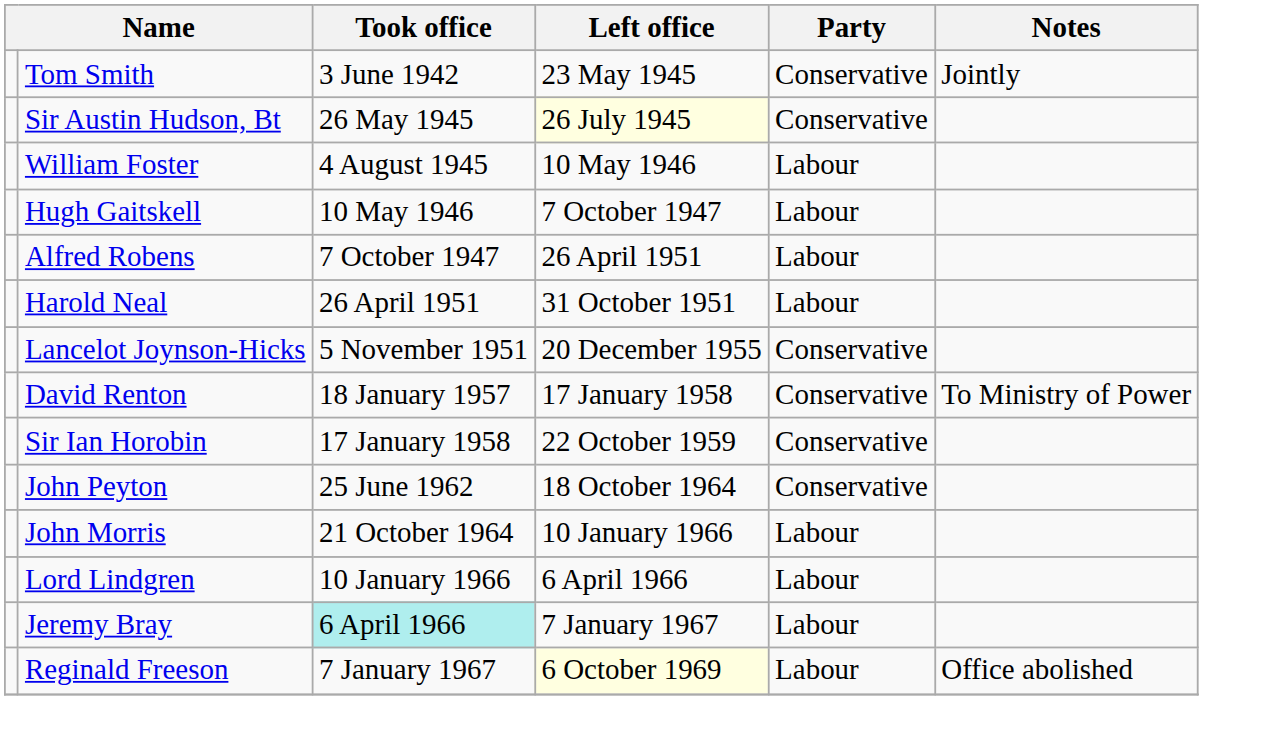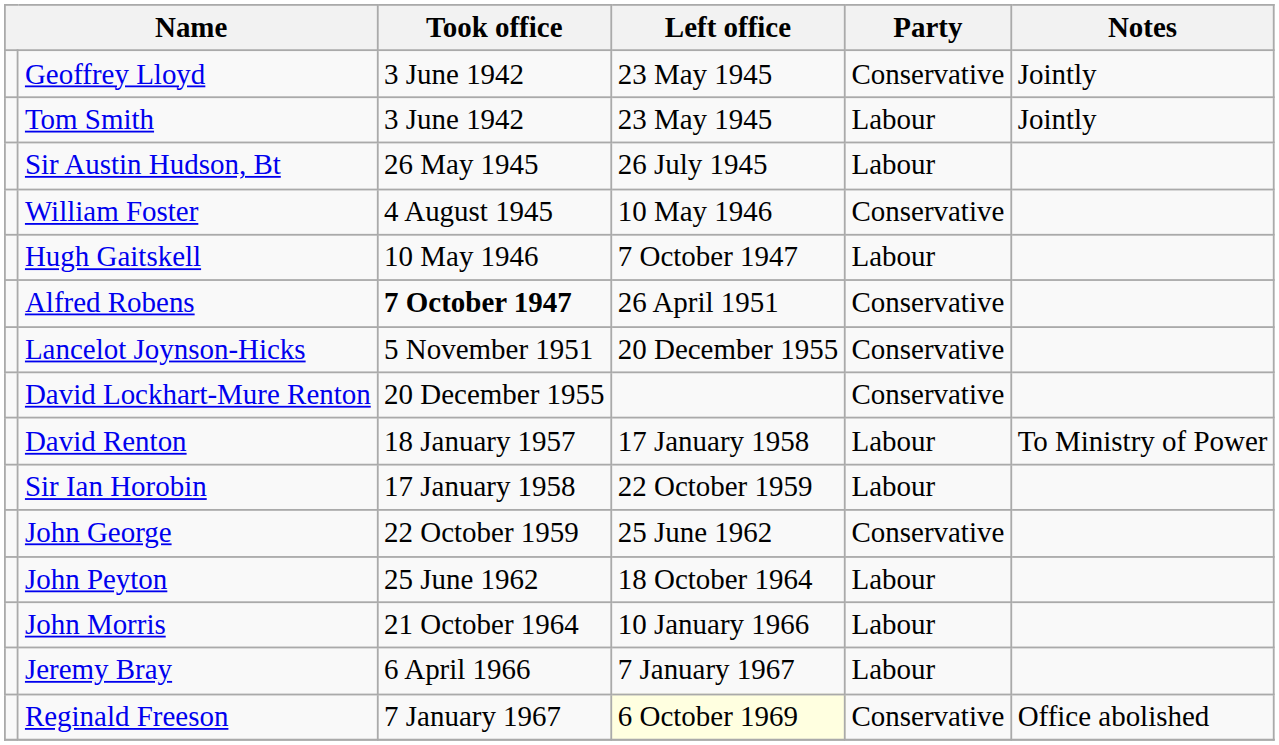 <table class="wikitable">
 <tr>
 <th colspan=2>Name</th>
 <th>Took office</th>
 <th>Left office</th>
 <th>Party</th>
 <th>Notes</th>
 </tr>
 <tr>
 <td style="background-color: "></td>
-<td><a href='#'>Tom Smith</a></td>
+<td><a href='#'>Geoffrey Lloyd</a></td>
 <td>3 June 1942</td>
 <td>23 May 1945</td>
 <td>Conservative</td>
 <td>Jointly</td>
 </tr>
 <tr>
 <td style="background-color: "></td>
+<td><a href='#'>Tom Smith</a></td>
+<td>3 June 1942</td>
+<td>23 May 1945</td>
+<td>Labour</td>
+<td>Jointly</td>
+</tr>
+<tr>
+<td style="background-color: "></td>
 <td><a href='#'>Sir Austin Hudson, Bt</a></td>
 <td>26 May 1945</td>
-<td style="background: lightyellow;">26 July 1945</td>
-<td>Conservative</td>
+<td>26 July 1945</td>
+<td>Labour</td>
 <td></td>
 </tr>
 <tr>
 <td style="background-color: "></td>
 <td><a href='#'>William Foster</a></td>
 <td>4 August 1945</td>
 <td>10 May 1946</td>
-<td>Labour</td>
+<td>Conservative</td>
 <td></td>
 </tr>
 <tr>
 <td style="background-color: "></td>
 <td><a href='#'>Hugh Gaitskell</a></td>
 <td>10 May 1946</td>
 <td>7 October 1947</td>
 <td>Labour</td>
 <td></td>
 </tr>
 <tr>
 <td style="background-color: "></td>
 <td><a href='#'>Alfred Robens</a></td>
-<td>7 October 1947</td>
+<td><strong>7 October 1947</strong></td>
 <td>26 April 1951</td>
-<td>Labour</td>
-<td></td>
-</tr>
-<tr>
-<td style="background-color: "></td>
-<td><a href='#'>Harold Neal</a></td>
-<td>26 April 1951</td>
-<td>31 October 1951</td>
-<td>Labour</td>
+<td>Conservative</td>
 <td></td>
 </tr>
 <tr>
 <td style="background-color: "></td>
 <td><a href='#'>Lancelot Joynson-Hicks</a></td>
 <td>5 November 1951</td>
 <td>20 December 1955</td>
 <td>Conservative</td>
 <td></td>
 </tr>
 <tr>
 <td style="background-color: "></td>
+<td><a href='#'>David Lockhart-Mure Renton</a></td>
+<td>20 December 1955</td>
+<td></td>
+<td>Conservative</td>
+<td></td>
+</tr>
+<tr>
+<td style="background-color: "></td>
 <td><a href='#'>David Renton</a></td>
 <td>18 January 1957</td>
 <td>17 January 1958</td>
-<td>Conservative</td>
+<td>Labour</td>
 <td>To Ministry of Power</td>
 </tr>
 <tr>
 <td style="background-color: "></td>
 <td><a href='#'>Sir Ian Horobin</a></td>
 <td>17 January 1958</td>
 <td>22 October 1959</td>
+<td>Labour</td>
+<td></td>
+</tr>
+<tr>
+<td style="background-color: "></td>
+<td><a href='#'>John George</a></td>
+<td>22 October 1959</td>
+<td>25 June 1962</td>
 <td>Conservative</td>
 <td></td>
 </tr>
 <tr>
 <td style="background-color: "></td>
 <td><a href='#'>John Peyton</a></td>
 <td>25 June 1962</td>
 <td>18 October 1964</td>
-<td>Conservative</td>
+<td>Labour</td>
 <td></td>
 </tr>
 <tr>
 <td style="background-color: "></td>
 <td><a href='#'>John Morris</a></td>
 <td>21 October 1964</td>
 <td>10 January 1966</td>
 <td>Labour</td>
 <td></td>
 </tr>
 <tr>
 <td style="background-color: "></td>
-<td><a href='#'>Lord Lindgren</a></td>
-<td>10 January 1966</td>
+<td><a href='#'>Jeremy Bray</a></td>
 <td>6 April 1966</td>
-<td>Labour</td>
-<td></td>
-</tr>
-<tr>
-<td style="background-color: "></td>
-<td><a href='#'>Jeremy Bray</a></td>
-<td style="background: paleturquoise;">6 April 1966</td>
 <td>7 January 1967</td>
 <td>Labour</td>
 <td></td>
 </tr>
 <tr>
 <td style="background-color: "></td>
 <td><a href='#'>Reginald Freeson</a></td>
 <td>7 January 1967</td>
 <td style="background: lightyellow;">6 October 1969</td>
-<td>Labour</td>
+<td>Conservative</td>
 <td>Office abolished</td>
 </tr>
 <tr>
 </tr>
 </table>
